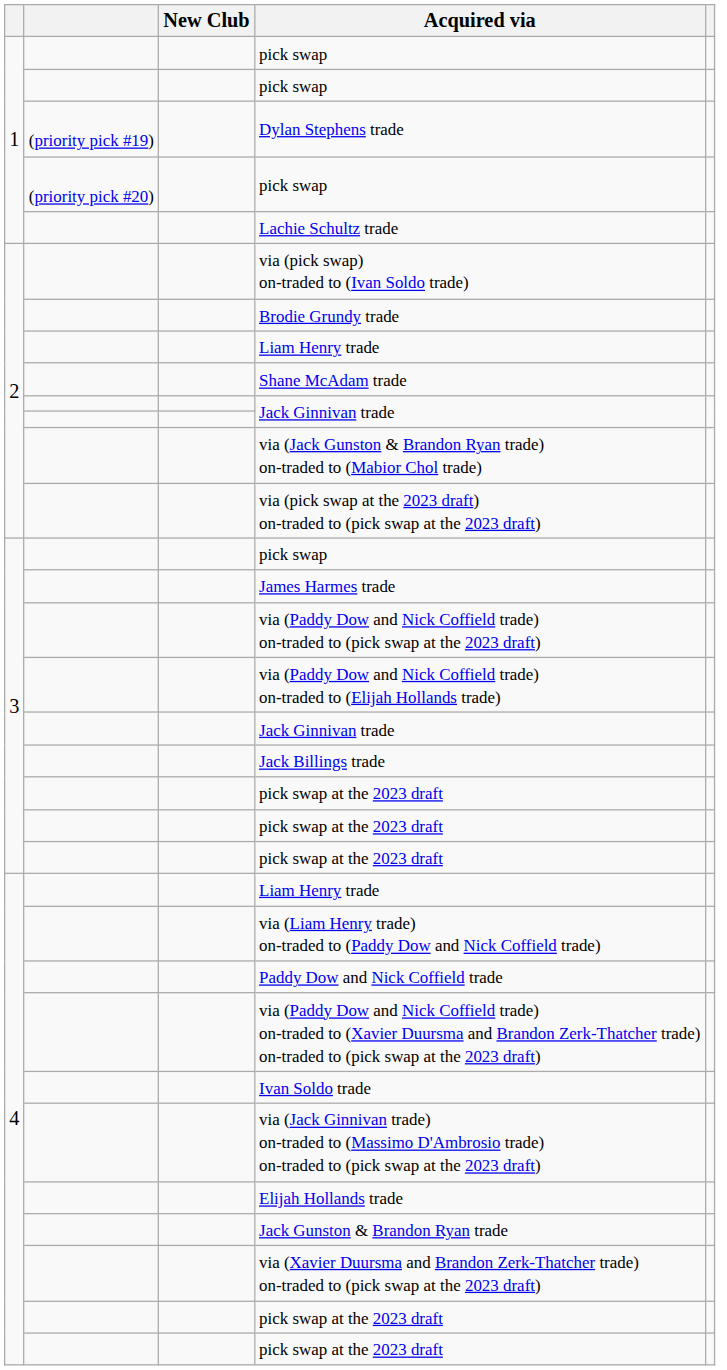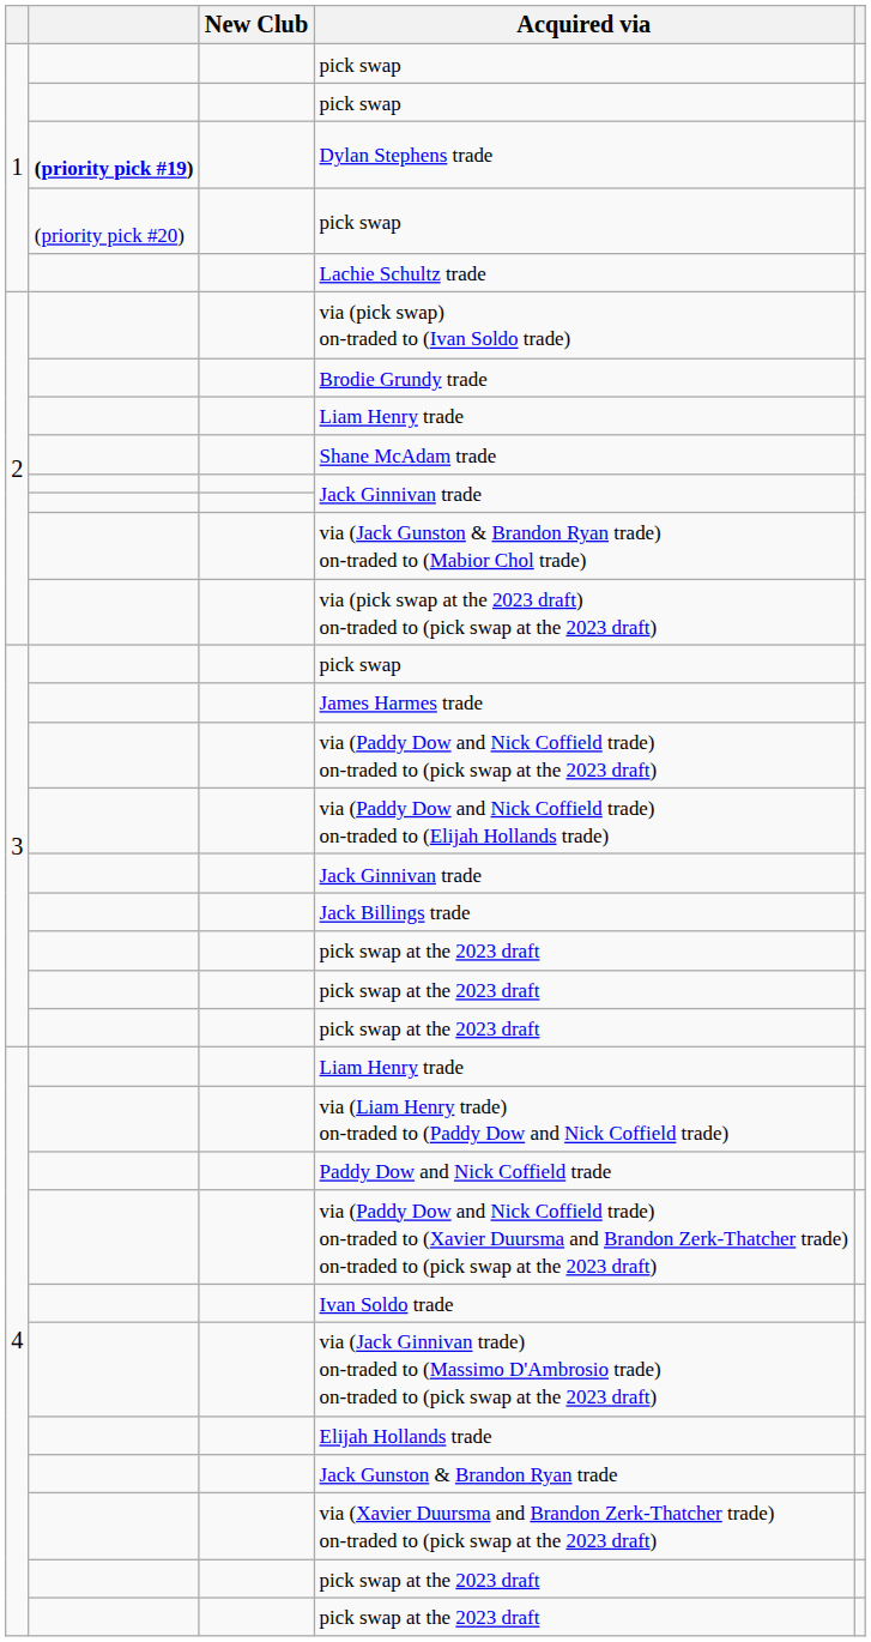 <table class="wikitable sortable plainrowheaders">
 <tr>
 <th scope="col"></th>
 <th scope="col"></th>
 <th scope="col">New Club</th>
 <th class="unsortable">Acquired via</th>
 <th class="unsortable"></th>
 </tr>
 <tr>
 <td rowspan=5>1</td>
 <td></td>
 <td></td>
 <td><small>pick swap</small></td>
 <td align=center></td>
 </tr>
 <tr>
 <td></td>
 <td></td>
 <td><small>pick swap</small></td>
 <td align=center></td>
 </tr>
 <tr>
-<td><br><small>(<a href='#'>priority pick #19</a>)</small></td>
+<td><strong><br><small>(<a href='#'>priority pick #19</a>)</small></strong></td>
 <td></td>
 <td><small><a href='#'>Dylan Stephens</a> trade</small></td>
 <td align=center></td>
 </tr>
 <tr>
 <td><br><small>(<a href='#'>priority pick #20</a>)</small></td>
 <td></td>
 <td><small>pick swap</small></td>
 <td align=center></td>
 </tr>
 <tr>
 <td></td>
 <td></td>
 <td><small><a href='#'>Lachie Schultz</a> trade</small></td>
 <td align=center></td>
 </tr>
 <tr>
 <td rowspan="8">2</td>
 <td></td>
 <td></td>
 <td><small>via  (pick swap)<br>on-traded to  (<a href='#'>Ivan Soldo</a> trade)</small></td>
 <td align=center><br></td>
 </tr>
 <tr>
 <td></td>
 <td></td>
 <td><small><a href='#'>Brodie Grundy</a> trade</small></td>
 <td align=center></td>
 </tr>
 <tr>
 <td></td>
 <td></td>
 <td><small><a href='#'>Liam Henry</a> trade</small></td>
 <td align=center></td>
 </tr>
 <tr>
 <td></td>
 <td></td>
 <td><small><a href='#'>Shane McAdam</a> trade</small></td>
 <td align=center></td>
 </tr>
 <tr>
 <td></td>
 <td></td>
 <td rowspan=2><small><a href='#'>Jack Ginnivan</a> trade</small></td>
 <td rowspan=2 align=center></td>
 </tr>
 <tr>
 <td></td>
 <td></td>
 </tr>
 <tr>
 <td></td>
 <td></td>
 <td><small>via  (<a href='#'>Jack Gunston</a> & <a href='#'>Brandon Ryan</a> trade)<br>on-traded to  (<a href='#'>Mabior Chol</a> trade)</small></td>
 <td align=center><br></td>
 </tr>
 <tr>
 <td></td>
 <td></td>
 <td><small>via  (pick swap at the <a href='#'>2023 draft</a>)</small><br><small>on-traded to  (pick swap at the <a href='#'>2023 draft</a>)</small></td>
 <td align=center></td>
 </tr>
 <tr>
 <td rowspan="9">3</td>
 <td></td>
 <td></td>
 <td><small>pick swap</small></td>
 <td align=center></td>
 </tr>
 <tr>
 <td></td>
 <td></td>
 <td><small><a href='#'>James Harmes</a> trade</small></td>
 <td align=center></td>
 </tr>
 <tr>
 <td></td>
 <td></td>
 <td><small>via  (<a href='#'>Paddy Dow</a> and <a href='#'>Nick Coffield</a> trade)</small><br><small>on-traded to  (pick swap at the <a href='#'>2023 draft</a>)</small></td>
 <td align=center></td>
 </tr>
 <tr>
 <td></td>
 <td></td>
 <td><small>via  (<a href='#'>Paddy Dow</a> and <a href='#'>Nick Coffield</a> trade)<br>on-traded to  (<a href='#'>Elijah Hollands</a> trade)</small></td>
 <td align=center><br></td>
 </tr>
 <tr>
 <td></td>
 <td></td>
 <td><small><a href='#'>Jack Ginnivan</a> trade</small></td>
 <td align=center></td>
 </tr>
 <tr>
 <td></td>
 <td></td>
 <td><small><a href='#'>Jack Billings</a> trade</small></td>
 <td align=center></td>
 </tr>
 <tr>
 <td></td>
 <td></td>
 <td><small>pick swap at the <a href='#'>2023 draft</a></small></td>
 <td align=center></td>
 </tr>
 <tr>
 <td></td>
 <td></td>
 <td><small>pick swap at the <a href='#'>2023 draft</a></small></td>
 <td align=center></td>
 </tr>
 <tr>
 <td></td>
 <td></td>
 <td><small>pick swap at the <a href='#'>2023 draft</a></small></td>
 <td align=center></td>
 </tr>
 <tr>
 <td rowspan="11">4</td>
 <td></td>
 <td></td>
 <td><small><a href='#'>Liam Henry</a> trade</small></td>
 <td align=center></td>
 </tr>
 <tr>
 <td></td>
 <td></td>
 <td><small>via  (<a href='#'>Liam Henry</a> trade)<br>on-traded to  (<a href='#'>Paddy Dow</a> and <a href='#'>Nick Coffield</a> trade)</small></td>
 <td align=center><br></td>
 </tr>
 <tr>
 <td></td>
 <td></td>
 <td><small><a href='#'>Paddy Dow</a> and <a href='#'>Nick Coffield</a> trade</small></td>
 <td align=center></td>
 </tr>
 <tr>
 <td></td>
 <td></td>
 <td><small>via  (<a href='#'>Paddy Dow</a> and <a href='#'>Nick Coffield</a> trade)<br>on-traded to  (<a href='#'>Xavier Duursma</a> and <a href='#'>Brandon Zerk-Thatcher</a> trade)</small><br><small>on-traded to  (pick swap at the <a href='#'>2023 draft</a>)</small></td>
 <td align=center><br></td>
 </tr>
 <tr>
 <td></td>
 <td></td>
 <td><small><a href='#'>Ivan Soldo</a> trade</small></td>
 <td align=center></td>
 </tr>
 <tr>
 <td></td>
 <td></td>
 <td><small>via  (<a href='#'>Jack Ginnivan</a> trade)<br>on-traded to  (<a href='#'>Massimo D'Ambrosio</a> trade)</small><br><small>on-traded to  (pick swap at the <a href='#'>2023 draft</a>)</small></td>
 <td align=center><br></td>
 </tr>
 <tr>
 <td></td>
 <td></td>
 <td><small><a href='#'>Elijah Hollands</a> trade</small></td>
 <td align=center></td>
 </tr>
 <tr>
 <td></td>
 <td></td>
 <td><small><a href='#'>Jack Gunston</a> & <a href='#'>Brandon Ryan</a> trade</small></td>
 <td align=center></td>
 </tr>
 <tr>
 <td></td>
 <td></td>
 <td><small>via  (<a href='#'>Xavier Duursma</a> and <a href='#'>Brandon Zerk-Thatcher</a> trade)</small><br><small>on-traded to  (pick swap at the <a href='#'>2023 draft</a>)</small></td>
 <td align=center></td>
 </tr>
 <tr>
 <td></td>
 <td></td>
 <td><small>pick swap at the <a href='#'>2023 draft</a></small></td>
 <td align=center></td>
 </tr>
 <tr>
 <td></td>
 <td></td>
 <td><small>pick swap at the <a href='#'>2023 draft</a></small></td>
 <td align=center></td>
 </tr>
 </table>
